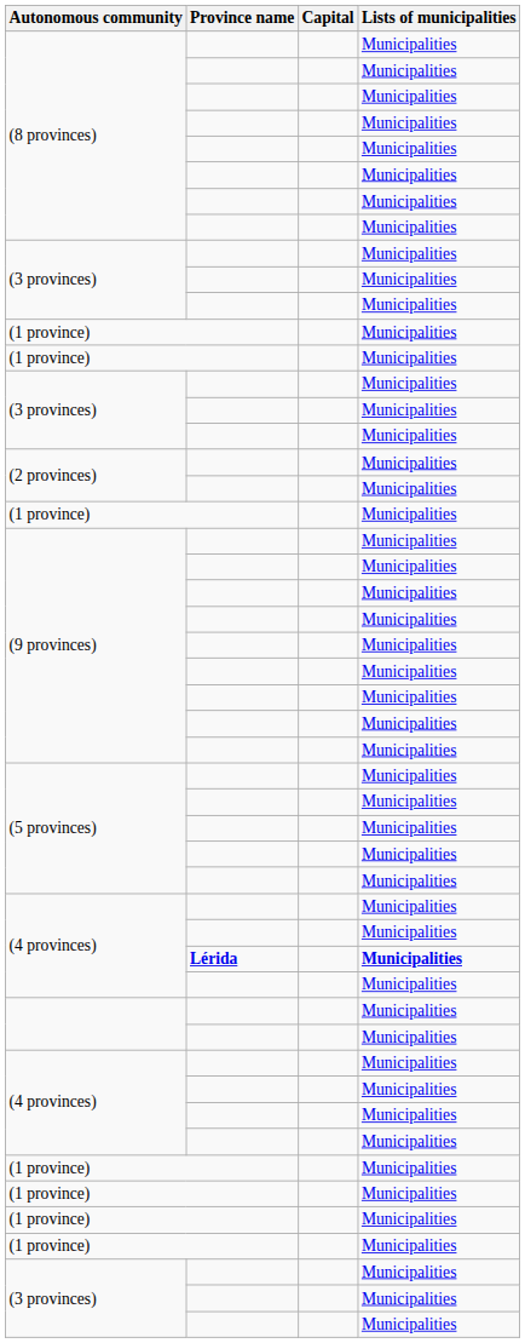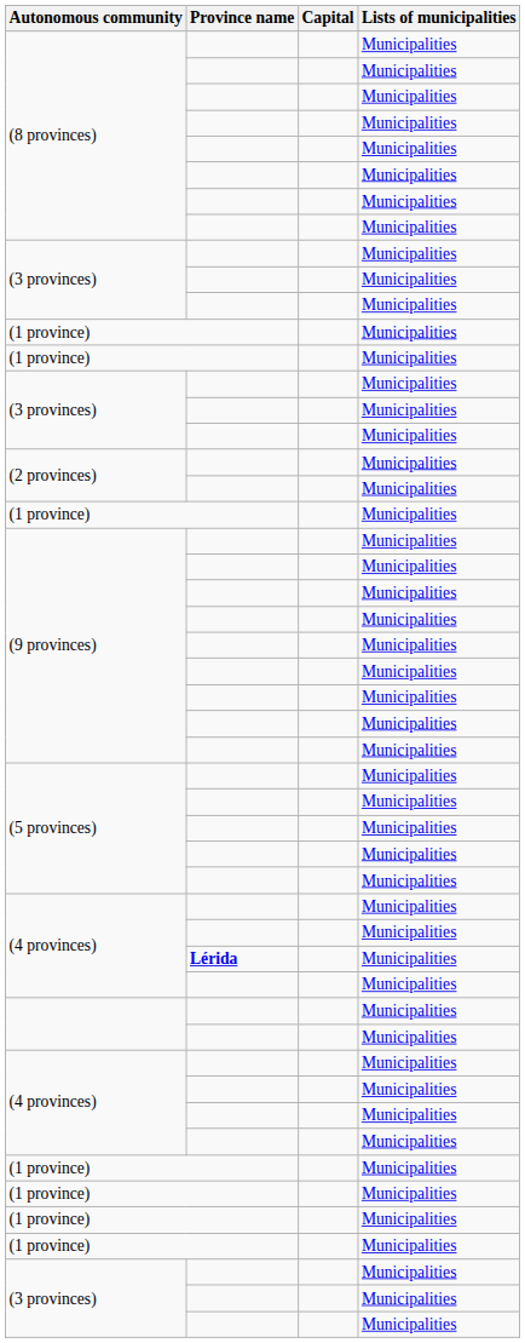 <table class="wikitable sortable">
 <tr>
 <th scope="col">Autonomous community</th>
 <th scope="col">Province name</th>
 <th scope="col">Capital</th>
 <th scope="col" class="unsortable">Lists of municipalities</th>
 </tr>
 <tr>
 <td rowspan="8"> (8 provinces)</td>
 <td></td>
 <td></td>
 <td><a href='#'>Municipalities</a></td>
 </tr>
 <tr>
 <td></td>
 <td></td>
 <td><a href='#'>Municipalities</a></td>
 </tr>
 <tr>
 <td></td>
 <td></td>
 <td><a href='#'>Municipalities</a></td>
 </tr>
 <tr>
 <td></td>
 <td></td>
 <td><a href='#'>Municipalities</a></td>
 </tr>
 <tr>
 <td></td>
 <td></td>
 <td><a href='#'>Municipalities</a></td>
 </tr>
 <tr>
 <td></td>
 <td></td>
 <td><a href='#'>Municipalities</a></td>
 </tr>
 <tr>
 <td></td>
 <td></td>
 <td><a href='#'>Municipalities</a></td>
 </tr>
 <tr>
 <td></td>
 <td></td>
 <td><a href='#'>Municipalities</a></td>
 </tr>
 <tr>
 <td rowspan="3"> (3 provinces)</td>
 <td></td>
 <td></td>
 <td><a href='#'>Municipalities</a></td>
 </tr>
 <tr>
 <td></td>
 <td></td>
 <td><a href='#'>Municipalities</a></td>
 </tr>
 <tr>
 <td></td>
 <td></td>
 <td><a href='#'>Municipalities</a></td>
 </tr>
 <tr>
 <td colspan="2"> (1 province)</td>
 <td></td>
 <td><a href='#'>Municipalities</a></td>
 </tr>
 <tr>
 <td colspan="2"> (1 province)</td>
 <td></td>
 <td><a href='#'>Municipalities</a></td>
 </tr>
 <tr>
 <td rowspan="3"> (3 provinces)</td>
 <td></td>
 <td></td>
 <td><a href='#'>Municipalities</a></td>
 </tr>
 <tr>
 <td></td>
 <td></td>
 <td><a href='#'>Municipalities</a></td>
 </tr>
 <tr>
 <td></td>
 <td></td>
 <td><a href='#'>Municipalities</a></td>
 </tr>
 <tr>
 <td rowspan="2"> (2 provinces)</td>
 <td></td>
 <td></td>
 <td><a href='#'>Municipalities</a></td>
 </tr>
 <tr>
 <td></td>
 <td></td>
 <td><a href='#'>Municipalities</a></td>
 </tr>
 <tr>
 <td colspan="2"> (1 province)</td>
 <td></td>
 <td><a href='#'>Municipalities</a></td>
 </tr>
 <tr>
 <td rowspan="9"> (9 provinces)</td>
 <td></td>
 <td></td>
 <td><a href='#'>Municipalities</a></td>
 </tr>
 <tr>
 <td></td>
 <td></td>
 <td><a href='#'>Municipalities</a></td>
 </tr>
 <tr>
 <td></td>
 <td></td>
 <td><a href='#'>Municipalities</a></td>
 </tr>
 <tr>
 <td></td>
 <td></td>
 <td><a href='#'>Municipalities</a></td>
 </tr>
 <tr>
 <td></td>
 <td></td>
 <td><a href='#'>Municipalities</a></td>
 </tr>
 <tr>
 <td></td>
 <td></td>
 <td><a href='#'>Municipalities</a></td>
 </tr>
 <tr>
 <td></td>
 <td></td>
 <td><a href='#'>Municipalities</a></td>
 </tr>
 <tr>
 <td></td>
 <td></td>
 <td><a href='#'>Municipalities</a></td>
 </tr>
 <tr>
 <td></td>
 <td></td>
 <td><a href='#'>Municipalities</a></td>
 </tr>
 <tr>
 <td rowspan="5"> (5 provinces)</td>
 <td></td>
 <td></td>
 <td><a href='#'>Municipalities</a></td>
 </tr>
 <tr>
 <td></td>
 <td></td>
 <td><a href='#'>Municipalities</a></td>
 </tr>
 <tr>
 <td></td>
 <td></td>
 <td><a href='#'>Municipalities</a></td>
 </tr>
 <tr>
 <td></td>
 <td></td>
 <td><a href='#'>Municipalities</a></td>
 </tr>
 <tr>
 <td></td>
 <td></td>
 <td><a href='#'>Municipalities</a></td>
 </tr>
 <tr>
 <td rowspan="4"> (4 provinces)</td>
 <td></td>
 <td></td>
 <td><a href='#'>Municipalities</a></td>
 </tr>
 <tr>
 <td></td>
 <td></td>
 <td><a href='#'>Municipalities</a></td>
 </tr>
 <tr>
 <td> <strong><a href='#'>Lérida</a></strong></td>
 <td></td>
-<td><strong><a href='#'>Municipalities</a></strong></td>
+<td><a href='#'>Municipalities</a></td>
 </tr>
 <tr>
 <td></td>
 <td></td>
 <td><a href='#'>Municipalities</a></td>
 </tr>
 <tr>
 <td rowspan="2"></td>
 <td></td>
 <td></td>
 <td><a href='#'>Municipalities</a></td>
 </tr>
 <tr>
 <td></td>
 <td></td>
 <td><a href='#'>Municipalities</a></td>
 </tr>
 <tr>
 <td rowspan="4"> (4 provinces)</td>
 <td></td>
 <td></td>
 <td><a href='#'>Municipalities</a></td>
 </tr>
 <tr>
 <td></td>
 <td></td>
 <td><a href='#'>Municipalities</a></td>
 </tr>
 <tr>
 <td></td>
 <td></td>
 <td><a href='#'>Municipalities</a></td>
 </tr>
 <tr>
 <td></td>
 <td></td>
 <td><a href='#'>Municipalities</a></td>
 </tr>
 <tr>
 <td colspan="2"> (1 province)</td>
 <td></td>
 <td><a href='#'>Municipalities</a></td>
 </tr>
 <tr>
 <td colspan="2"> (1 province)</td>
 <td></td>
 <td><a href='#'>Municipalities</a></td>
 </tr>
 <tr>
 <td colspan="2"> (1 province)</td>
 <td></td>
 <td><a href='#'>Municipalities</a></td>
 </tr>
 <tr>
 <td colspan="2"> (1 province)</td>
 <td></td>
 <td><a href='#'>Municipalities</a></td>
 </tr>
 <tr>
 <td rowspan="3"> (3 provinces)</td>
 <td></td>
 <td></td>
 <td><a href='#'>Municipalities</a></td>
 </tr>
 <tr>
 <td></td>
 <td></td>
 <td><a href='#'>Municipalities</a></td>
 </tr>
 <tr>
 <td></td>
 <td></td>
 <td><a href='#'>Municipalities</a></td>
 </tr>
 </table>
